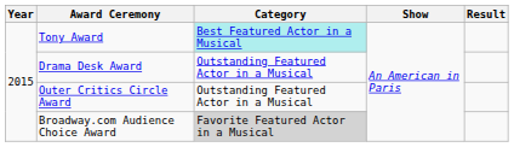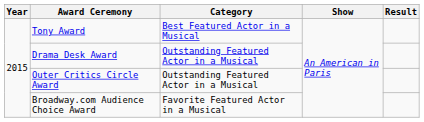 <table class="wikitable">
 <tr>
 <th>Year</th>
 <th>Award Ceremony</th>
 <th>Category</th>
 <th>Show</th>
 <th>Result</th>
 </tr>
 <tr>
 <td rowspan="4">2015</td>
 <td><a href='#'>Tony Award</a></td>
-<td style="background: paleturquoise;"><a href='#'>Best Featured Actor in a Musical</a></td>
+<td><a href='#'>Best Featured Actor in a Musical</a></td>
 <td rowspan="4"><em><a href='#'>An American in Paris</a></em></td>
 <td></td>
 </tr>
 <tr>
 <td><a href='#'>Drama Desk Award</a></td>
 <td><a href='#'>Outstanding Featured Actor in a Musical</a></td>
 <td></td>
 </tr>
 <tr>
 <td><a href='#'>Outer Critics Circle Award</a></td>
 <td>Outstanding Featured Actor in a Musical</td>
 <td></td>
 </tr>
 <tr>
 <td>Broadway.com Audience Choice Award</td>
-<td style="background: lightgrey;">Favorite Featured Actor in a Musical</td>
+<td>Favorite Featured Actor in a Musical</td>
 <td></td>
 </tr>
 </table>
